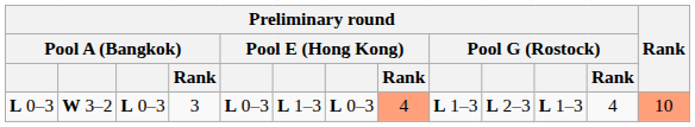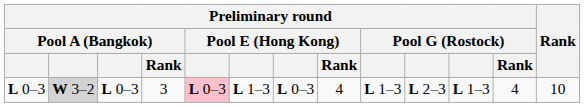 <table class="wikitable" style="font-size:100%;">
 <tr>
 <th colspan=12>Preliminary round</th>
 <th rowspan=3>Rank</th>
 </tr>
 <tr>
 <th colspan=4>Pool A (Bangkok)</th>
 <th colspan=4>Pool E (Hong Kong)</th>
 <th colspan=4>Pool G (Rostock)</th>
 </tr>
 <tr>
 <th></th>
 <th></th>
 <th></th>
 <th>Rank</th>
 <th></th>
 <th></th>
 <th></th>
 <th>Rank</th>
 <th></th>
 <th></th>
 <th></th>
 <th>Rank</th>
 </tr>
 <tr align=center>
 <td><strong>L</strong> 0–3</td>
-<td><strong>W</strong> 3–2</td>
+<td style="background: lightgrey;"><strong>W</strong> 3–2</td>
 <td><strong>L</strong> 0–3</td>
 <td>3</td>
-<td><strong>L</strong> 0–3</td>
+<td style="background: pink;"><strong>L</strong> 0–3</td>
 <td><strong>L</strong> 1–3</td>
 <td><strong>L</strong> 0–3</td>
-<td style="background: lightsalmon;">4</td>
+<td>4</td>
 <td><strong>L</strong> 1–3</td>
 <td><strong>L</strong> 2–3</td>
 <td><strong>L</strong> 1–3</td>
 <td>4</td>
-<td style="background: lightsalmon;">10</td>
+<td>10</td>
 </tr>
 </table>
